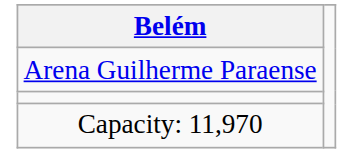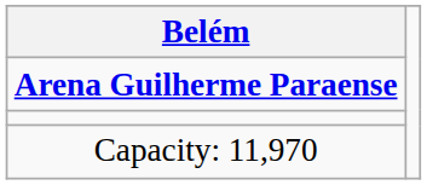 <table class="wikitable" style="text-align:center; margin:1em auto;">
 <tr>
 <th><a href='#'>Belém</a></th>
 <td rowspan=4></td>
 </tr>
 <tr>
-<td><a href='#'>Arena Guilherme Paraense</a></td>
+<td><strong><a href='#'>Arena Guilherme Paraense</a></strong></td>
 </tr>
 <tr>
 <td></td>
 </tr>
 <tr>
 <td>Capacity: 11,970</td>
 </tr>
 </table>
